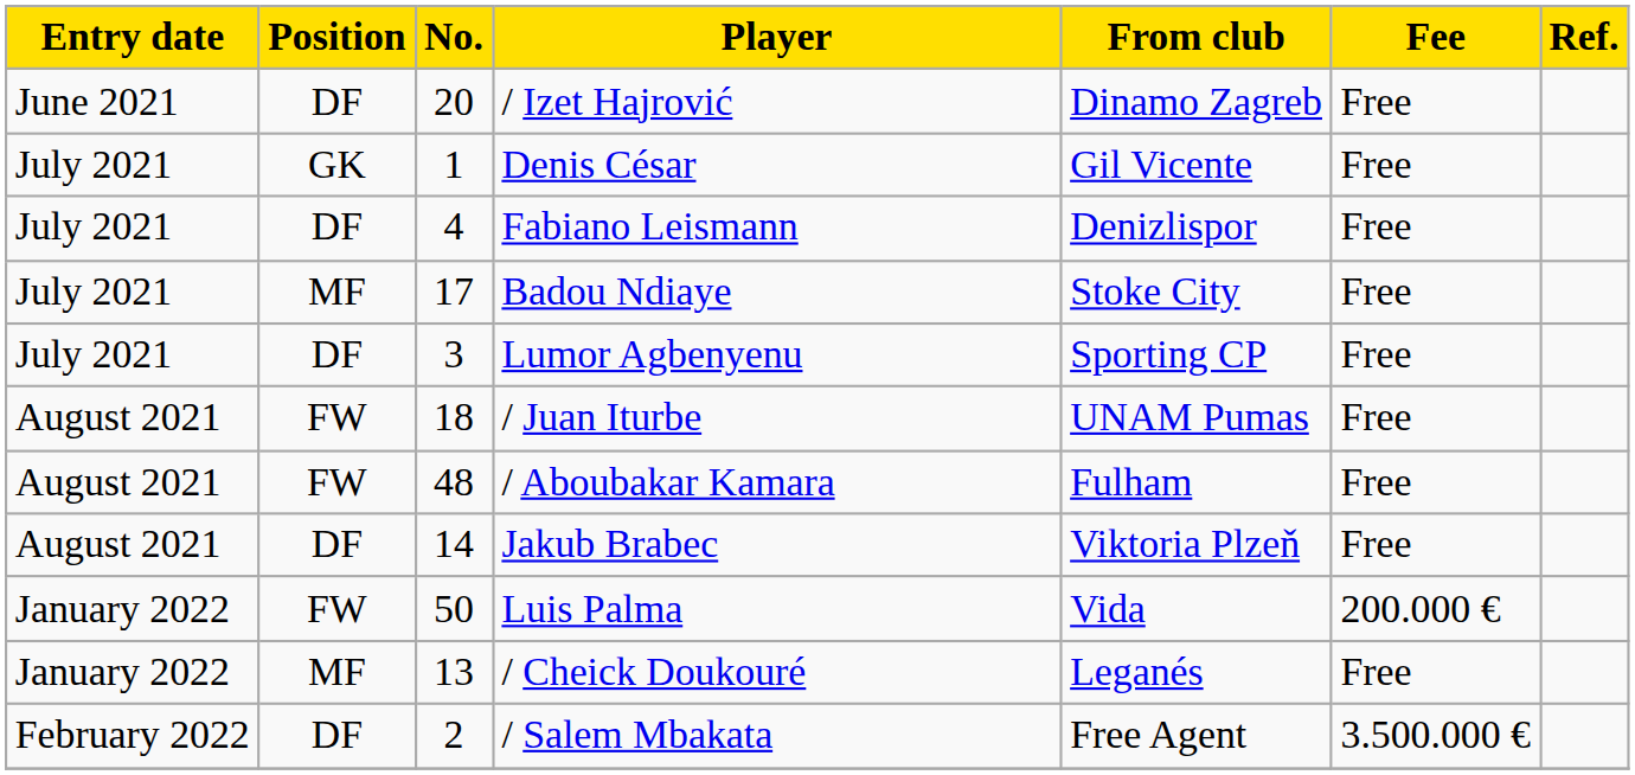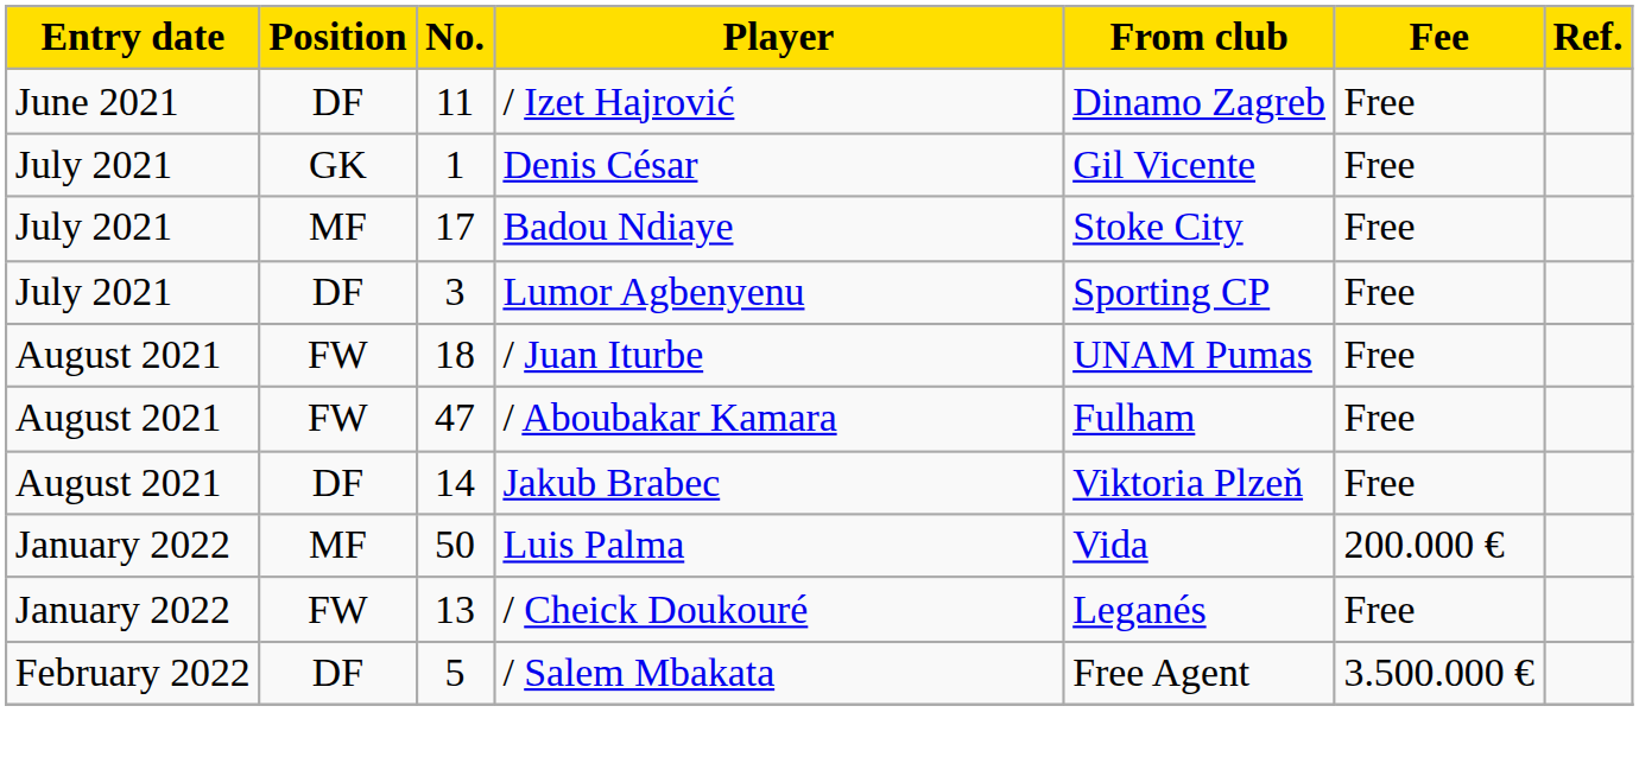 <table class="wikitable sortable">
 <tr>
 <th style="background:#FFDF00; color:black;"><strong>Entry date</strong></th>
 <th style="background:#FFDF00; color:black;"><strong>Position</strong></th>
 <th style="background:#FFDF00; color:black;"><strong>No.</strong></th>
 <th style="background:#FFDF00; color:black;"; width=220><strong>Player</strong></th>
 <th style="background:#FFDF00; color:black;"><strong>From club</strong></th>
 <th style="background:#FFDF00; color:black;"><strong>Fee</strong></th>
 <th style="background:#FFDF00; color:black;"><strong>Ref.</strong></th>
 </tr>
 <tr>
 <td>June 2021</td>
 <td style="text-align:center;">DF</td>
-<td style="text-align:center;">20</td>
+<td style="text-align:center;">11</td>
 <td style="text-align:left;"> /  <a href='#'>Izet Hajrović</a></td>
 <td style="text-align:left;"> <a href='#'>Dinamo Zagreb</a></td>
 <td>Free</td>
 <td></td>
 </tr>
 <tr>
 <td>July 2021</td>
 <td style="text-align:center;">GK</td>
 <td style="text-align:center;">1</td>
 <td style="text-align:left;"> <a href='#'>Denis César</a></td>
 <td style="text-align:left;"> <a href='#'>Gil Vicente</a></td>
-<td>Free</td>
-<td></td>
-</tr>
-<tr>
-<td>July 2021</td>
-<td style="text-align:center;">DF</td>
-<td style="text-align:center;">4</td>
-<td style="text-align:left;"> <a href='#'>Fabiano Leismann</a></td>
-<td style="text-align:left;"> <a href='#'>Denizlispor</a></td>
 <td>Free</td>
 <td></td>
 </tr>
 <tr>
 <td>July 2021</td>
 <td style="text-align:center;">MF</td>
 <td style="text-align:center;">17</td>
 <td style="text-align:left;"> <a href='#'>Badou Ndiaye</a></td>
 <td style="text-align:left;"> <a href='#'>Stoke City</a></td>
 <td>Free</td>
 <td></td>
 </tr>
 <tr>
 <td>July 2021</td>
 <td style="text-align:center;">DF</td>
 <td style="text-align:center;">3</td>
 <td style="text-align:left;"> <a href='#'>Lumor Agbenyenu</a></td>
 <td style="text-align:left;"> <a href='#'>Sporting CP</a></td>
 <td>Free</td>
 <td></td>
 </tr>
 <tr>
 <td>August 2021</td>
 <td style="text-align:center;">FW</td>
 <td style="text-align:center;">18</td>
 <td style="text-align:left;"> /  <a href='#'>Juan Iturbe</a></td>
 <td style="text-align:left;"> <a href='#'>UNAM Pumas</a></td>
 <td>Free</td>
 <td></td>
 </tr>
 <tr>
 <td>August 2021</td>
 <td style="text-align:center;">FW</td>
-<td style="text-align:center;">48</td>
+<td style="text-align:center;">47</td>
 <td style="text-align:left;"> /  <a href='#'>Aboubakar Kamara</a></td>
 <td style="text-align:left;"> <a href='#'>Fulham</a></td>
 <td>Free</td>
 <td></td>
 </tr>
 <tr>
 <td>August 2021</td>
 <td style="text-align:center;">DF</td>
 <td style="text-align:center;">14</td>
 <td style="text-align:left;"> <a href='#'>Jakub Brabec</a></td>
 <td style="text-align:left;"> <a href='#'>Viktoria Plzeň</a></td>
 <td>Free</td>
 <td></td>
 </tr>
 <tr>
 <td>January 2022</td>
-<td style="text-align:center;">FW</td>
+<td style="text-align:center;">MF</td>
 <td style="text-align:center;">50</td>
 <td style="text-align:left;"> <a href='#'>Luis Palma</a></td>
 <td style="text-align:left;"> <a href='#'>Vida</a></td>
 <td>200.000 €</td>
 <td></td>
 </tr>
 <tr>
 <td>January 2022</td>
-<td style="text-align:center;">MF</td>
+<td style="text-align:center;">FW</td>
 <td style="text-align:center;">13</td>
 <td style="text-align:left;"> /  <a href='#'>Cheick Doukouré</a></td>
 <td style="text-align:left;"> <a href='#'>Leganés</a></td>
 <td>Free</td>
 <td></td>
 </tr>
 <tr>
 <td>February 2022</td>
 <td style="text-align:center;">DF</td>
-<td style="text-align:center;">2</td>
+<td style="text-align:center;">5</td>
 <td style="text-align:left;"> /  <a href='#'>Salem Mbakata</a></td>
 <td style="text-align:left;">Free Agent</td>
 <td>3.500.000 €</td>
 <td></td>
 </tr>
 <tr>
 </tr>
 </table>
